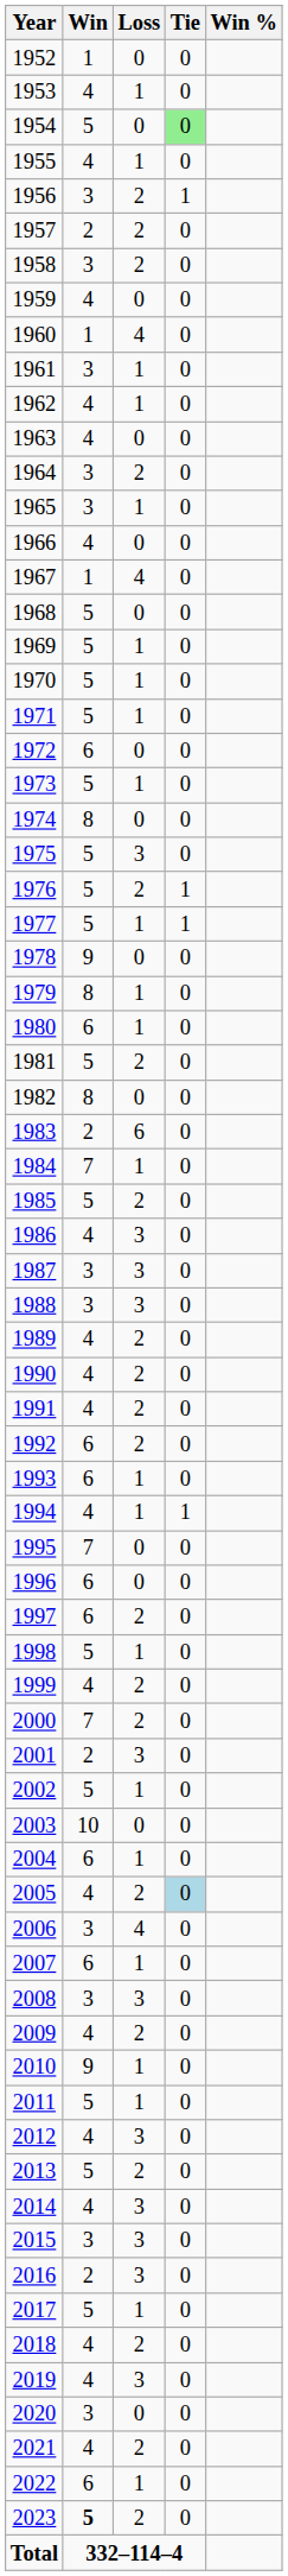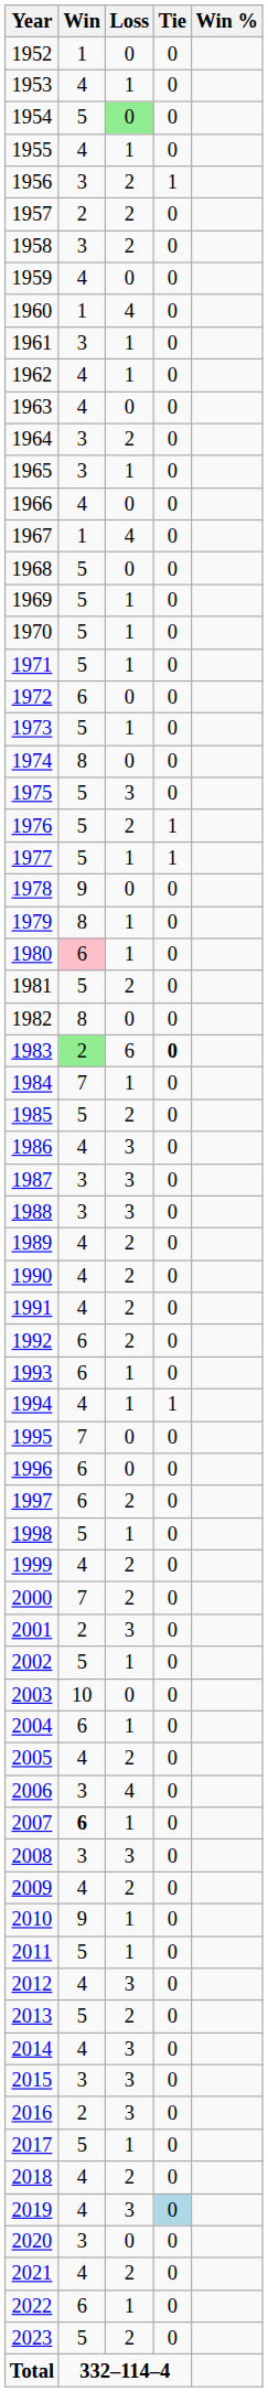 <table class="wikitable" style="text-align:center">
 <tr>
 <th width=px>Year</th>
 <th width=px>Win</th>
 <th width=px>Loss</th>
 <th width=px>Tie</th>
 <th width=px>Win %</th>
 </tr>
 <tr>
 <td>1952</td>
 <td>1</td>
 <td>0</td>
 <td>0</td>
 <td></td>
 </tr>
 <tr>
 <td>1953</td>
 <td>4</td>
 <td>1</td>
 <td>0</td>
 <td></td>
 </tr>
 <tr>
 <td>1954</td>
 <td>5</td>
+<td style="background: lightgreen;">0</td>
 <td>0</td>
-<td style="background: lightgreen;">0</td>
 <td></td>
 </tr>
 <tr>
 <td>1955</td>
 <td>4</td>
 <td>1</td>
 <td>0</td>
 <td></td>
 </tr>
 <tr>
 <td>1956</td>
 <td>3</td>
 <td>2</td>
 <td>1</td>
 <td></td>
 </tr>
 <tr>
 <td>1957</td>
 <td>2</td>
 <td>2</td>
 <td>0</td>
 <td></td>
 </tr>
 <tr>
 <td>1958</td>
 <td>3</td>
 <td>2</td>
 <td>0</td>
 <td></td>
 </tr>
 <tr>
 <td>1959</td>
 <td>4</td>
 <td>0</td>
 <td>0</td>
 <td></td>
 </tr>
 <tr>
 <td>1960</td>
 <td>1</td>
 <td>4</td>
 <td>0</td>
 <td></td>
 </tr>
 <tr>
 <td>1961</td>
 <td>3</td>
 <td>1</td>
 <td>0</td>
 <td></td>
 </tr>
 <tr>
 <td>1962</td>
 <td>4</td>
 <td>1</td>
 <td>0</td>
 <td></td>
 </tr>
 <tr>
 <td>1963</td>
 <td>4</td>
 <td>0</td>
 <td>0</td>
 <td></td>
 </tr>
 <tr>
 <td>1964</td>
 <td>3</td>
 <td>2</td>
 <td>0</td>
 <td></td>
 </tr>
 <tr>
 <td>1965</td>
 <td>3</td>
 <td>1</td>
 <td>0</td>
 <td></td>
 </tr>
 <tr>
 <td>1966</td>
 <td>4</td>
 <td>0</td>
 <td>0</td>
 <td></td>
 </tr>
 <tr>
 <td>1967</td>
 <td>1</td>
 <td>4</td>
 <td>0</td>
 <td></td>
 </tr>
 <tr>
 <td>1968</td>
 <td>5</td>
 <td>0</td>
 <td>0</td>
 <td></td>
 </tr>
 <tr>
 <td>1969</td>
 <td>5</td>
 <td>1</td>
 <td>0</td>
 <td></td>
 </tr>
 <tr>
 <td>1970</td>
 <td>5</td>
 <td>1</td>
 <td>0</td>
 <td></td>
 </tr>
 <tr>
 <td><a href='#'>1971</a></td>
 <td>5</td>
 <td>1</td>
 <td>0</td>
 <td></td>
 </tr>
 <tr>
 <td><a href='#'>1972</a></td>
 <td>6</td>
 <td>0</td>
 <td>0</td>
 <td></td>
 </tr>
 <tr>
 <td><a href='#'>1973</a></td>
 <td>5</td>
 <td>1</td>
 <td>0</td>
 <td></td>
 </tr>
 <tr>
 <td><a href='#'>1974</a></td>
 <td>8</td>
 <td>0</td>
 <td>0</td>
 <td></td>
 </tr>
 <tr>
 <td><a href='#'>1975</a></td>
 <td>5</td>
 <td>3</td>
 <td>0</td>
 <td></td>
 </tr>
 <tr>
 <td><a href='#'>1976</a></td>
 <td>5</td>
 <td>2</td>
 <td>1</td>
 <td></td>
 </tr>
 <tr>
 <td><a href='#'>1977</a></td>
 <td>5</td>
 <td>1</td>
 <td>1</td>
 <td></td>
 </tr>
 <tr>
 <td><a href='#'>1978</a></td>
 <td>9</td>
 <td>0</td>
 <td>0</td>
 <td></td>
 </tr>
 <tr>
 <td><a href='#'>1979</a></td>
 <td>8</td>
 <td>1</td>
 <td>0</td>
 <td></td>
 </tr>
 <tr>
 <td><a href='#'>1980</a></td>
-<td>6</td>
+<td style="background: pink;">6</td>
 <td>1</td>
 <td>0</td>
 <td></td>
 </tr>
 <tr>
 <td>1981</td>
 <td>5</td>
 <td>2</td>
 <td>0</td>
 <td></td>
 </tr>
 <tr>
 <td>1982</td>
 <td>8</td>
 <td>0</td>
 <td>0</td>
 <td></td>
 </tr>
 <tr>
 <td><a href='#'>1983</a></td>
-<td>2</td>
+<td style="background: lightgreen;">2</td>
 <td>6</td>
-<td>0</td>
+<td><strong>0</strong></td>
 <td></td>
 </tr>
 <tr>
 <td><a href='#'>1984</a></td>
 <td>7</td>
 <td>1</td>
 <td>0</td>
 <td></td>
 </tr>
 <tr>
 <td><a href='#'>1985</a></td>
 <td>5</td>
 <td>2</td>
 <td>0</td>
 <td></td>
 </tr>
 <tr>
 <td><a href='#'>1986</a></td>
 <td>4</td>
 <td>3</td>
 <td>0</td>
 <td></td>
 </tr>
 <tr>
 <td><a href='#'>1987</a></td>
 <td>3</td>
 <td>3</td>
 <td>0</td>
 <td></td>
 </tr>
 <tr>
 <td><a href='#'>1988</a></td>
 <td>3</td>
 <td>3</td>
 <td>0</td>
 <td></td>
 </tr>
 <tr>
 <td><a href='#'>1989</a></td>
 <td>4</td>
 <td>2</td>
 <td>0</td>
 <td></td>
 </tr>
 <tr>
 <td><a href='#'>1990</a></td>
 <td>4</td>
 <td>2</td>
 <td>0</td>
 <td></td>
 </tr>
 <tr>
 <td><a href='#'>1991</a></td>
 <td>4</td>
 <td>2</td>
 <td>0</td>
 <td></td>
 </tr>
 <tr>
 <td><a href='#'>1992</a></td>
 <td>6</td>
 <td>2</td>
 <td>0</td>
 <td></td>
 </tr>
 <tr>
 <td><a href='#'>1993</a></td>
 <td>6</td>
 <td>1</td>
 <td>0</td>
 <td></td>
 </tr>
 <tr>
 <td><a href='#'>1994</a></td>
 <td>4</td>
 <td>1</td>
 <td>1</td>
 <td></td>
 </tr>
 <tr>
 <td><a href='#'>1995</a></td>
 <td>7</td>
 <td>0</td>
 <td>0</td>
 <td></td>
 </tr>
 <tr>
 <td><a href='#'>1996</a></td>
 <td>6</td>
 <td>0</td>
 <td>0</td>
 <td></td>
 </tr>
 <tr>
 <td><a href='#'>1997</a></td>
 <td>6</td>
 <td>2</td>
 <td>0</td>
 <td></td>
 </tr>
 <tr>
 <td><a href='#'>1998</a></td>
 <td>5</td>
 <td>1</td>
 <td>0</td>
 <td></td>
 </tr>
 <tr>
 <td><a href='#'>1999</a></td>
 <td>4</td>
 <td>2</td>
 <td>0</td>
 <td></td>
 </tr>
 <tr>
 <td><a href='#'>2000</a></td>
 <td>7</td>
 <td>2</td>
 <td>0</td>
 <td></td>
 </tr>
 <tr>
 <td><a href='#'>2001</a></td>
 <td>2</td>
 <td>3</td>
 <td>0</td>
 <td></td>
 </tr>
 <tr>
 <td><a href='#'>2002</a></td>
 <td>5</td>
 <td>1</td>
 <td>0</td>
 <td></td>
 </tr>
 <tr>
 <td><a href='#'>2003</a></td>
 <td>10</td>
 <td>0</td>
 <td>0</td>
 <td></td>
 </tr>
 <tr>
 <td><a href='#'>2004</a></td>
 <td>6</td>
 <td>1</td>
 <td>0</td>
 <td></td>
 </tr>
 <tr>
 <td><a href='#'>2005</a></td>
 <td>4</td>
 <td>2</td>
-<td style="background: lightblue;">0</td>
+<td>0</td>
 <td></td>
 </tr>
 <tr>
 <td><a href='#'>2006</a></td>
 <td>3</td>
 <td>4</td>
 <td>0</td>
 <td></td>
 </tr>
 <tr>
 <td><a href='#'>2007</a></td>
-<td>6</td>
+<td><strong>6</strong></td>
 <td>1</td>
 <td>0</td>
 <td></td>
 </tr>
 <tr>
 <td><a href='#'>2008</a></td>
 <td>3</td>
 <td>3</td>
 <td>0</td>
 <td></td>
 </tr>
 <tr>
 <td><a href='#'>2009</a></td>
 <td>4</td>
 <td>2</td>
 <td>0</td>
 <td></td>
 </tr>
 <tr>
 <td><a href='#'>2010</a></td>
 <td>9</td>
 <td>1</td>
 <td>0</td>
 <td></td>
 </tr>
 <tr>
 <td><a href='#'>2011</a></td>
 <td>5</td>
 <td>1</td>
 <td>0</td>
 <td></td>
 </tr>
 <tr>
 <td><a href='#'>2012</a></td>
 <td>4</td>
 <td>3</td>
 <td>0</td>
 <td></td>
 </tr>
 <tr>
 <td><a href='#'>2013</a></td>
 <td>5</td>
 <td>2</td>
 <td>0</td>
 <td></td>
 </tr>
 <tr>
 <td><a href='#'>2014</a></td>
 <td>4</td>
 <td>3</td>
 <td>0</td>
 <td></td>
 </tr>
 <tr>
 <td><a href='#'>2015</a></td>
 <td>3</td>
 <td>3</td>
 <td>0</td>
 <td></td>
 </tr>
 <tr>
 <td><a href='#'>2016</a></td>
 <td>2</td>
 <td>3</td>
 <td>0</td>
 <td></td>
 </tr>
 <tr>
 <td><a href='#'>2017</a></td>
 <td>5</td>
 <td>1</td>
 <td>0</td>
 <td></td>
 </tr>
 <tr>
 <td><a href='#'>2018</a></td>
 <td>4</td>
 <td>2</td>
 <td>0</td>
 <td></td>
 </tr>
 <tr>
 <td><a href='#'>2019</a></td>
 <td>4</td>
 <td>3</td>
-<td>0</td>
+<td style="background: lightblue;">0</td>
 <td></td>
 </tr>
 <tr>
 <td><a href='#'>2020</a></td>
 <td>3</td>
 <td>0</td>
 <td>0</td>
 <td></td>
 </tr>
 <tr>
 <td><a href='#'>2021</a></td>
 <td>4</td>
 <td>2</td>
 <td>0</td>
 <td></td>
 </tr>
 <tr>
 <td><a href='#'>2022</a></td>
 <td>6</td>
 <td>1</td>
 <td>0</td>
 <td></td>
 </tr>
 <tr>
 <td><a href='#'>2023</a></td>
-<td><strong>5</strong></td>
+<td>5</td>
 <td>2</td>
 <td>0</td>
 <td></td>
 </tr>
 <tr>
 <td style= ><strong>Total</strong></td>
 <td colspan="3" style= ><strong>332–114–4</strong></td>
 <td style= ><strong></strong></td>
 </tr>
 </table>
